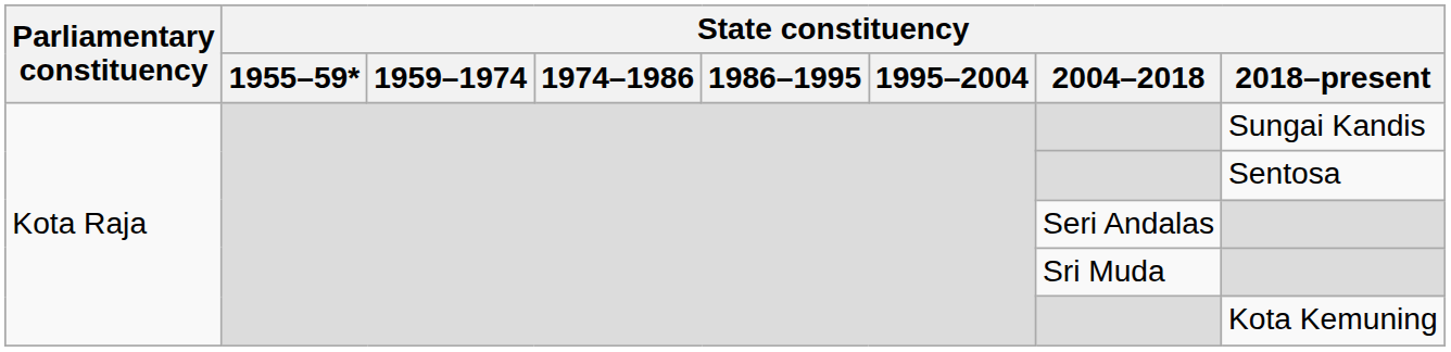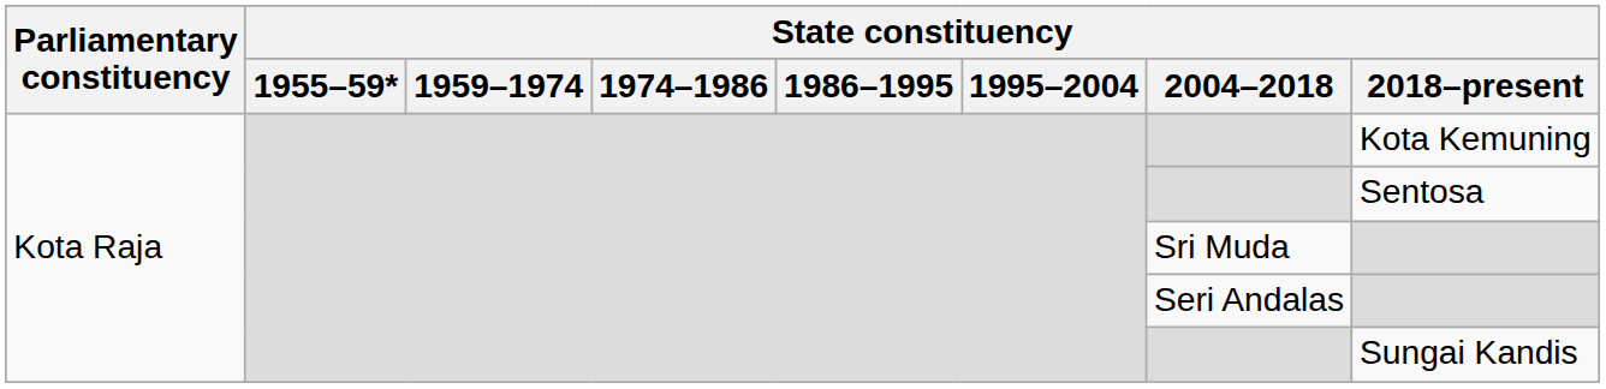 <table class="wikitable">
 <tr>
 <th rowspan="2">Parliamentary<br>constituency</th>
 <th colspan="7">State constituency</th>
 </tr>
 <tr>
 <th>1955–59*</th>
 <th>1959–1974</th>
 <th>1974–1986</th>
 <th>1986–1995</th>
 <th>1995–2004</th>
 <th>2004–2018</th>
 <th>2018–present</th>
 </tr>
 <tr>
 <td rowspan="5">Kota Raja</td>
 <td colspan="5" rowspan="5" bgcolor="dcdcdc"></td>
 <td bgcolor="dcdcdc"></td>
-<td>Sungai Kandis</td>
+<td>Kota Kemuning</td>
 </tr>
 <tr>
 <td bgcolor="dcdcdc"></td>
 <td>Sentosa</td>
 </tr>
 <tr>
+<td>Sri Muda</td>
+<td bgcolor="dcdcdc"></td>
+</tr>
+<tr>
 <td>Seri Andalas</td>
 <td bgcolor="dcdcdc"></td>
 </tr>
 <tr>
-<td>Sri Muda</td>
 <td bgcolor="dcdcdc"></td>
-</tr>
-<tr>
-<td bgcolor="dcdcdc"></td>
-<td>Kota Kemuning</td>
+<td>Sungai Kandis</td>
 </tr>
 </table>
